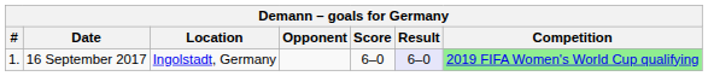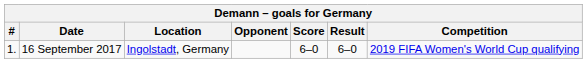 <table class="wikitable">
 <tr>
 <th colspan="7">Demann – goals for Germany</th>
 </tr>
 <tr>
 <th>#</th>
 <th>Date</th>
 <th>Location</th>
 <th>Opponent</th>
 <th>Score</th>
 <th>Result</th>
 <th>Competition</th>
 </tr>
 <tr>
 <td align=center>1.</td>
 <td>16 September 2017</td>
 <td><a href='#'>Ingolstadt</a>, Germany</td>
 <td></td>
 <td align=center>6–0</td>
-<td align=center style="background: lavender;">6–0</td>
-<td style="background: lightgreen;"><a href='#'>2019 FIFA Women's World Cup qualifying</a></td>
+<td align=center>6–0</td>
+<td><a href='#'>2019 FIFA Women's World Cup qualifying</a></td>
 </tr>
 </table>
